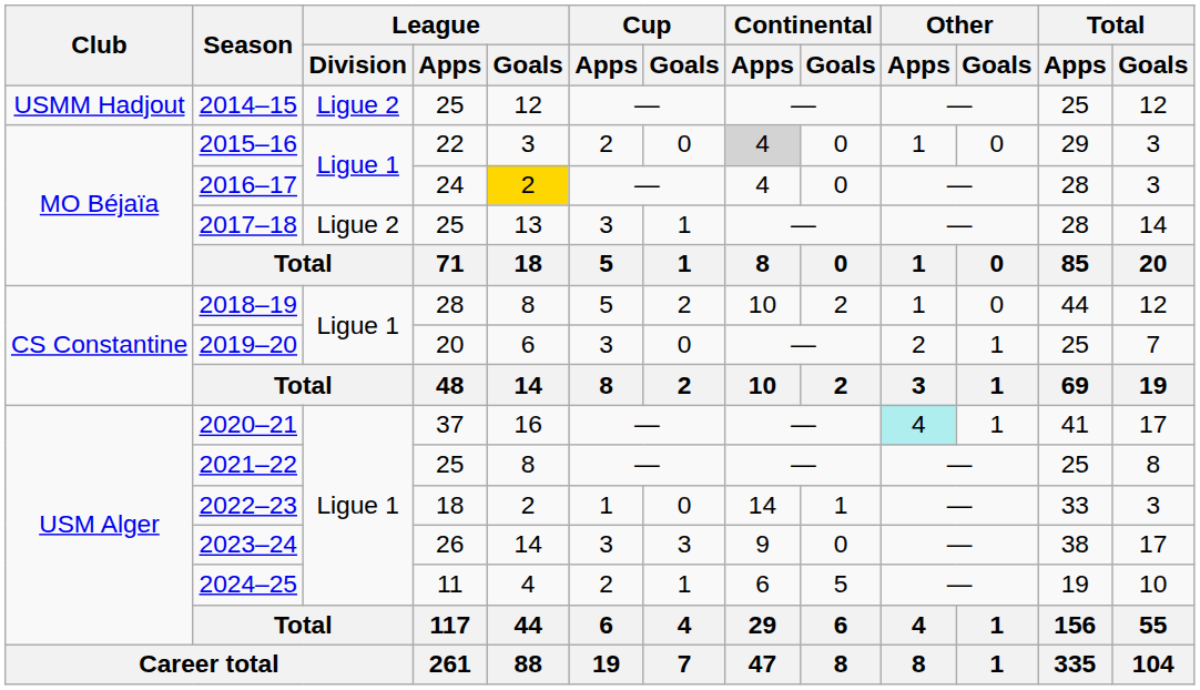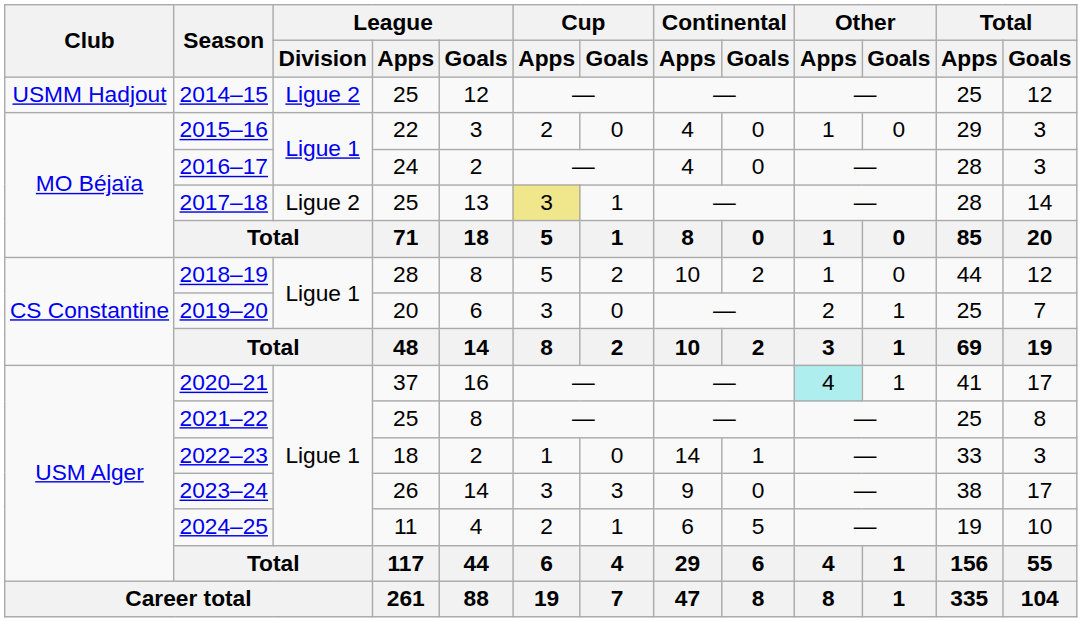 <table class="wikitable" style="text-align:center">
 <tr>
 <th rowspan="2">Club</th>
 <th rowspan="2">Season</th>
 <th colspan="3">League</th>
 <th colspan="2">Cup</th>
 <th colspan="2">Continental</th>
 <th colspan="2">Other</th>
 <th colspan="2">Total</th>
 </tr>
 <tr>
 <th>Division</th>
 <th>Apps</th>
 <th>Goals</th>
 <th>Apps</th>
 <th>Goals</th>
 <th>Apps</th>
 <th>Goals</th>
 <th>Apps</th>
 <th>Goals</th>
 <th>Apps</th>
 <th>Goals</th>
 </tr>
 <tr>
 <td><a href='#'>USMM Hadjout</a></td>
 <td><a href='#'>2014–15</a></td>
 <td><a href='#'>Ligue 2</a></td>
 <td>25</td>
 <td>12</td>
 <td colspan="2">—</td>
 <td colspan="2">—</td>
 <td colspan="2">—</td>
 <td>25</td>
 <td>12</td>
 </tr>
 <tr>
 <td rowspan="4"><a href='#'>MO Béjaïa</a></td>
 <td><a href='#'>2015–16</a></td>
 <td rowspan="2"><a href='#'>Ligue 1</a></td>
 <td>22</td>
 <td>3</td>
 <td>2</td>
 <td>0</td>
-<td style="background: lightgrey;">4</td>
+<td>4</td>
 <td>0</td>
 <td>1</td>
 <td>0</td>
 <td>29</td>
 <td>3</td>
 </tr>
 <tr>
 <td><a href='#'>2016–17</a></td>
 <td>24</td>
-<td style="background: gold;">2</td>
+<td>2</td>
 <td colspan="2">—</td>
 <td>4</td>
 <td>0</td>
 <td colspan="2">—</td>
 <td>28</td>
 <td>3</td>
 </tr>
 <tr>
 <td><a href='#'>2017–18</a></td>
 <td>Ligue 2</td>
 <td>25</td>
 <td>13</td>
-<td>3</td>
+<td style="background: khaki;">3</td>
 <td>1</td>
 <td colspan="2">—</td>
 <td colspan="2">—</td>
 <td>28</td>
 <td>14</td>
 </tr>
 <tr>
 <th colspan="2">Total</th>
 <th>71</th>
 <th>18</th>
 <th>5</th>
 <th>1</th>
 <th>8</th>
 <th>0</th>
 <th>1</th>
 <th>0</th>
 <th>85</th>
 <th>20</th>
 </tr>
 <tr>
 <td rowspan="3"><a href='#'>CS Constantine</a></td>
 <td><a href='#'>2018–19</a></td>
 <td rowspan="2">Ligue 1</td>
 <td>28</td>
 <td>8</td>
 <td>5</td>
 <td>2</td>
 <td>10</td>
 <td>2</td>
 <td>1</td>
 <td>0</td>
 <td>44</td>
 <td>12</td>
 </tr>
 <tr>
 <td><a href='#'>2019–20</a></td>
 <td>20</td>
 <td>6</td>
 <td>3</td>
 <td>0</td>
 <td colspan="2">—</td>
 <td>2</td>
 <td>1</td>
 <td>25</td>
 <td>7</td>
 </tr>
 <tr>
 <th colspan="2">Total</th>
 <th>48</th>
 <th>14</th>
 <th>8</th>
 <th>2</th>
 <th>10</th>
 <th>2</th>
 <th>3</th>
 <th>1</th>
 <th>69</th>
 <th>19</th>
 </tr>
 <tr>
 <td rowspan="6"><a href='#'>USM Alger</a></td>
 <td><a href='#'>2020–21</a></td>
 <td rowspan="5">Ligue 1</td>
 <td>37</td>
 <td>16</td>
 <td colspan="2">—</td>
 <td colspan="2">—</td>
 <td style="background: paleturquoise;">4</td>
 <td>1</td>
 <td>41</td>
 <td>17</td>
 </tr>
 <tr>
 <td><a href='#'>2021–22</a></td>
 <td>25</td>
 <td>8</td>
 <td colspan="2">—</td>
 <td colspan="2">—</td>
 <td colspan="2">—</td>
 <td>25</td>
 <td>8</td>
 </tr>
 <tr>
 <td><a href='#'>2022–23</a></td>
 <td>18</td>
 <td>2</td>
 <td>1</td>
 <td>0</td>
 <td>14</td>
 <td>1</td>
 <td colspan="2">—</td>
 <td>33</td>
 <td>3</td>
 </tr>
 <tr>
 <td><a href='#'>2023–24</a></td>
 <td>26</td>
 <td>14</td>
 <td>3</td>
 <td>3</td>
 <td>9</td>
 <td>0</td>
 <td colspan="2">—</td>
 <td>38</td>
 <td>17</td>
 </tr>
 <tr>
 <td><a href='#'>2024–25</a></td>
 <td>11</td>
 <td>4</td>
 <td>2</td>
 <td>1</td>
 <td>6</td>
 <td>5</td>
 <td colspan="2">—</td>
 <td>19</td>
 <td>10</td>
 </tr>
 <tr>
 <th colspan="2">Total</th>
 <th>117</th>
 <th>44</th>
 <th>6</th>
 <th>4</th>
 <th>29</th>
 <th>6</th>
 <th>4</th>
 <th>1</th>
 <th>156</th>
 <th>55</th>
 </tr>
 <tr>
 <th colspan="3">Career total</th>
 <th>261</th>
 <th>88</th>
 <th>19</th>
 <th>7</th>
 <th>47</th>
 <th>8</th>
 <th>8</th>
 <th>1</th>
 <th>335</th>
 <th>104</th>
 </tr>
 </table>
